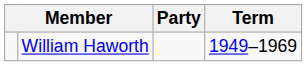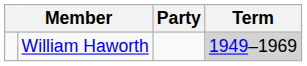 <table class="wikitable">
 <tr>
 <th colspan="2">Member</th>
 <th>Party</th>
 <th>Term</th>
 </tr>
 <tr>
 <td> </td>
 <td><a href='#'>William Haworth</a></td>
 <td></td>
-<td><a href='#'>1949</a>–1969</td>
+<td style="background: lightgrey;"><a href='#'>1949</a>–1969</td>
 </tr>
 </table>
